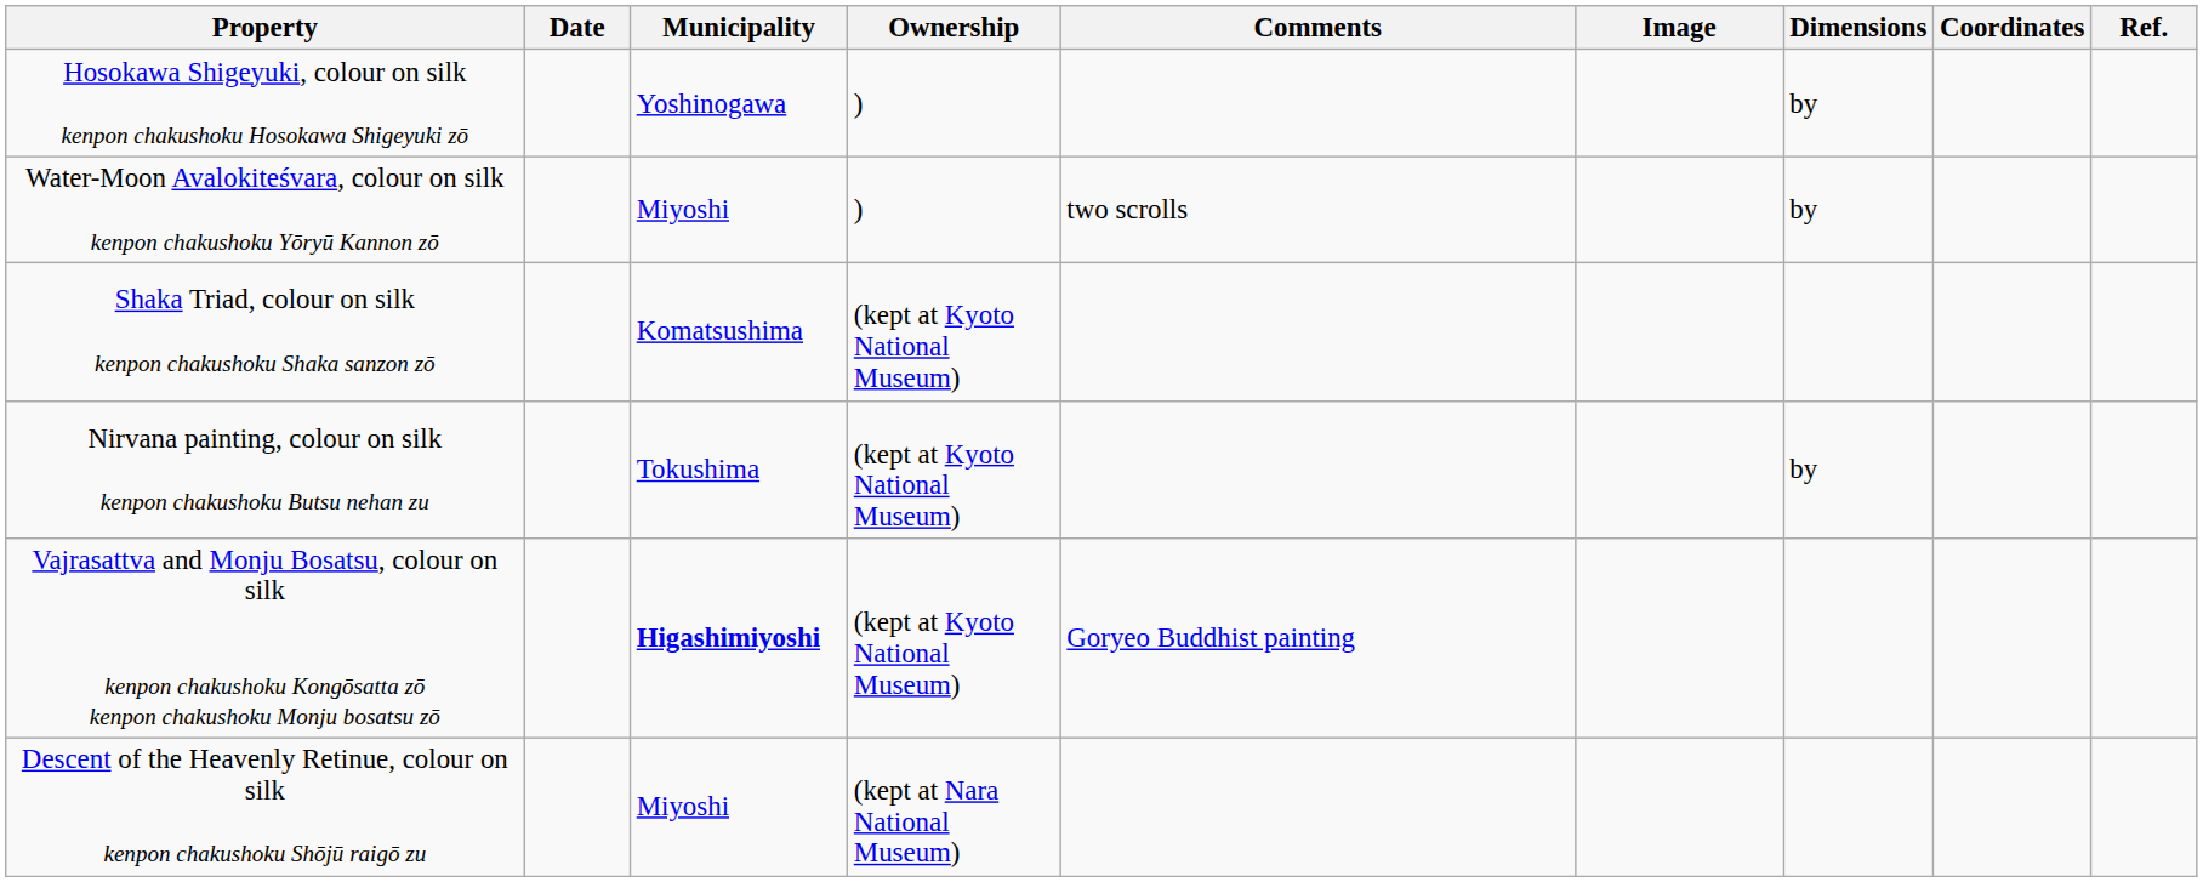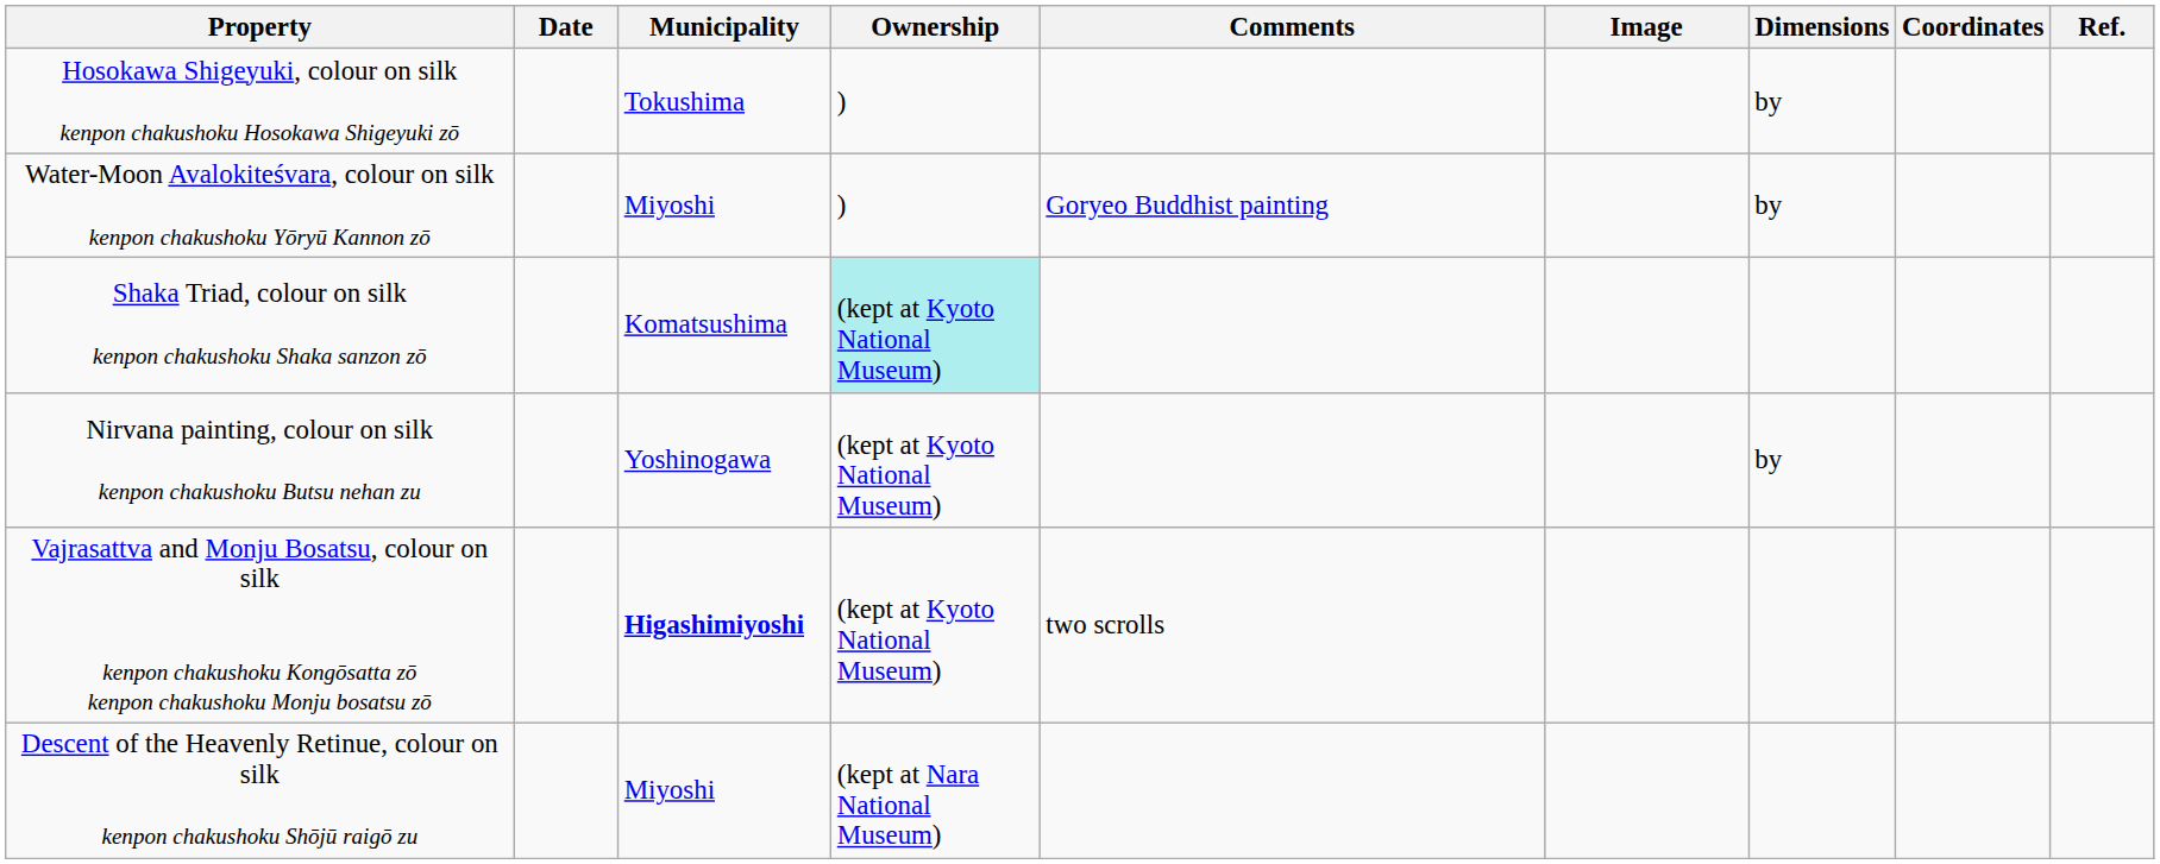 <table class="wikitable sortable"  style="width:100%;">
 <tr>
 <th width="25%" align="left">Property</th>
 <th width="5%" align="left">Date</th>
 <th width="10%" align="left">Municipality</th>
 <th width="10%" align="left">Ownership</th>
 <th width="25%" align="left" class="unsortable">Comments</th>
 <th width="10%" align="left" class="unsortable">Image</th>
 <th width="5%" align="left" class="unsortable">Dimensions</th>
 <th width="5%" align="left" class="unsortable">Coordinates</th>
 <th width="5%" align="left" class="unsortable">Ref.</th>
 </tr>
 <tr>
 <td align="center"><a href='#'>Hosokawa Shigeyuki</a>, colour on silk<br><br><small><em>kenpon chakushoku Hosokawa Shigeyuki zō</em></small></td>
 <td></td>
-<td><a href='#'>Yoshinogawa</a></td>
+<td><a href='#'>Tokushima</a></td>
 <td>)</td>
 <td></td>
 <td></td>
 <td> by </td>
 <td></td>
 <td></td>
 </tr>
 <tr>
 <td align="center">Water-Moon <a href='#'>Avalokiteśvara</a>, colour on silk<br><br><small><em>kenpon chakushoku Yōryū Kannon zō</em></small></td>
 <td></td>
 <td><a href='#'>Miyoshi</a></td>
 <td>)</td>
-<td>two scrolls</td>
+<td><a href='#'>Goryeo Buddhist painting</a></td>
 <td></td>
 <td> by </td>
 <td></td>
 <td></td>
 </tr>
 <tr>
 <td align="center"><a href='#'>Shaka</a> Triad, colour on silk<br><br><small><em>kenpon chakushoku Shaka sanzon zō</em></small></td>
 <td></td>
 <td><a href='#'>Komatsushima</a></td>
-<td><br>(kept at <a href='#'>Kyoto National Museum</a>)</td>
+<td style="background: paleturquoise;"><br>(kept at <a href='#'>Kyoto National Museum</a>)</td>
 <td></td>
 <td></td>
 <td></td>
 <td></td>
 <td></td>
 </tr>
 <tr>
 <td align="center">Nirvana painting, colour on silk<br><br><small><em>kenpon chakushoku Butsu nehan zu</em></small></td>
 <td></td>
-<td><a href='#'>Tokushima</a></td>
+<td><a href='#'>Yoshinogawa</a></td>
 <td><br>(kept at <a href='#'>Kyoto National Museum</a>)</td>
 <td></td>
 <td></td>
 <td> by </td>
 <td></td>
 <td></td>
 </tr>
 <tr>
 <td align="center"><a href='#'>Vajrasattva</a> and <a href='#'>Monju Bosatsu</a>, colour on silk<br><br><br><small><em>kenpon chakushoku Kongōsatta zō</em></small><br><small><em>kenpon chakushoku Monju bosatsu zō</em></small></td>
 <td></td>
 <td><strong><a href='#'>Higashimiyoshi</a></strong></td>
 <td><br>(kept at <a href='#'>Kyoto National Museum</a>)</td>
-<td><a href='#'>Goryeo Buddhist painting</a></td>
+<td>two scrolls</td>
 <td></td>
 <td></td>
 <td></td>
 <td> </td>
 </tr>
 <tr>
 <td align="center"><a href='#'>Descent</a> of the Heavenly Retinue, colour on silk<br><br><small><em>kenpon chakushoku Shōjū raigō zu</em></small></td>
 <td></td>
 <td><a href='#'>Miyoshi</a></td>
 <td><br>(kept at <a href='#'>Nara National Museum</a>)</td>
 <td></td>
 <td></td>
 <td></td>
 <td></td>
 <td></td>
 </tr>
 <tr>
 </tr>
 </table>
